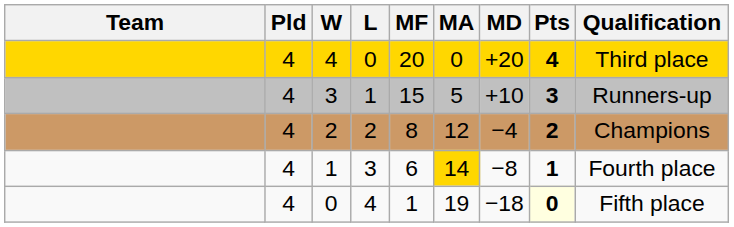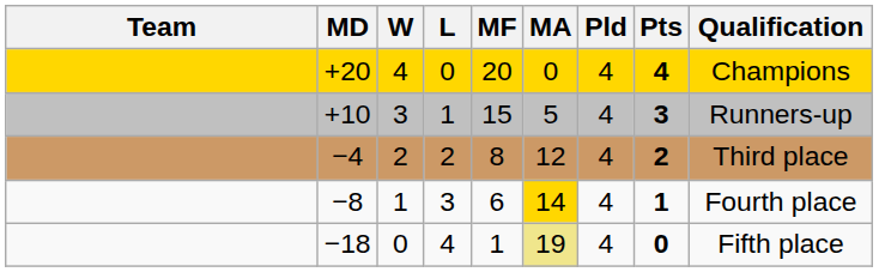 <table class="wikitable" style="text-align:center">
 <tr>
 <th width="175">Team</th>
-<th width="20">Pld</th>
+<th width="20">MD</th>
 <th width="20">W</th>
 <th width="20">L</th>
 <th width="20">MF</th>
 <th width="20">MA</th>
-<th width="20">MD</th>
+<th width="20">Pld</th>
 <th width="20">Pts</th>
 <th width="100">Qualification</th>
 </tr>
 <tr bgcolor="gold">
 <td align="left"></td>
-<td>4</td>
+<td>+20</td>
 <td>4</td>
 <td>0</td>
 <td>20</td>
 <td>0</td>
-<td>+20</td>
+<td>4</td>
 <td><strong>4</strong></td>
-<td>Third place</td>
+<td>Champions</td>
 </tr>
 <tr bgcolor="silver">
 <td align="left"></td>
-<td>4</td>
+<td>+10</td>
 <td>3</td>
 <td>1</td>
 <td>15</td>
 <td>5</td>
-<td>+10</td>
+<td>4</td>
 <td><strong>3</strong></td>
 <td>Runners-up</td>
 </tr>
 <tr bgcolor="cc9966">
 <td align="left"></td>
-<td>4</td>
+<td>−4</td>
 <td>2</td>
 <td>2</td>
 <td>8</td>
 <td>12</td>
-<td>−4</td>
+<td>4</td>
 <td><strong>2</strong></td>
-<td>Champions</td>
+<td>Third place</td>
 </tr>
 <tr>
 <td align="left"></td>
-<td>4</td>
+<td>−8</td>
 <td>1</td>
 <td>3</td>
 <td>6</td>
 <td style="background: gold;">14</td>
-<td>−8</td>
+<td>4</td>
 <td><strong>1</strong></td>
 <td>Fourth place</td>
 </tr>
 <tr>
 <td align="left"></td>
-<td>4</td>
+<td>−18</td>
 <td>0</td>
 <td>4</td>
 <td>1</td>
-<td>19</td>
-<td>−18</td>
-<td style="background: lightyellow;"><strong>0</strong></td>
+<td style="background: khaki;">19</td>
+<td>4</td>
+<td><strong>0</strong></td>
 <td>Fifth place</td>
 </tr>
 </table>
